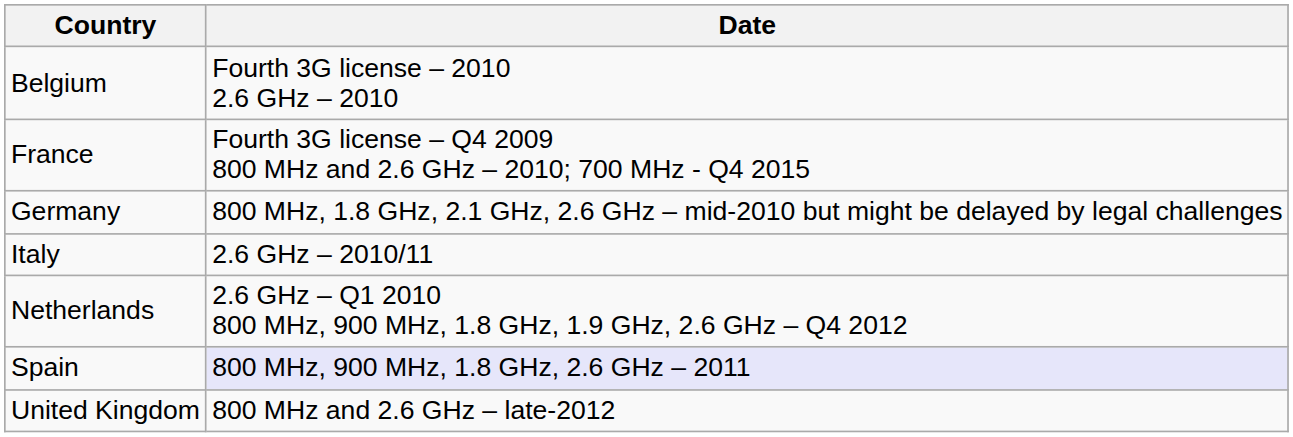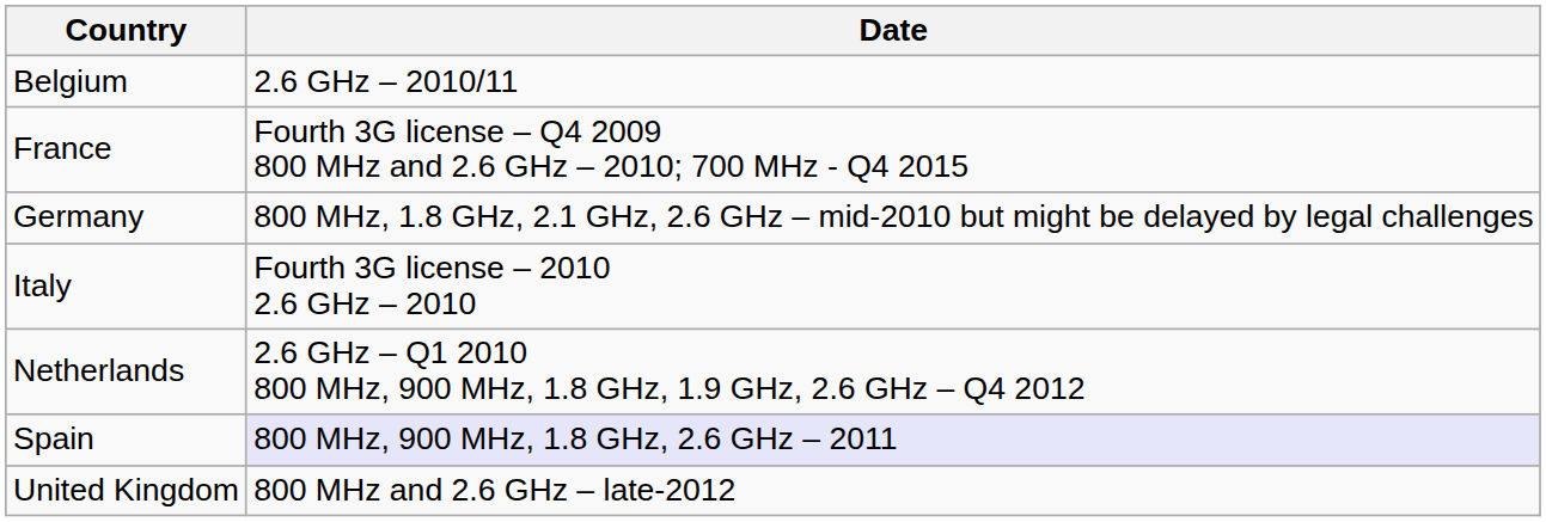 <table class="wikitable">
 <tr>
 <th>Country</th>
 <th>Date</th>
 </tr>
 <tr>
 <td>Belgium</td>
-<td>Fourth 3G license – 2010<br>2.6 GHz – 2010</td>
+<td>2.6 GHz – 2010/11</td>
 </tr>
 <tr>
 <td>France</td>
 <td>Fourth 3G license – Q4 2009<br>800 MHz and 2.6 GHz – 2010;  700 MHz - Q4 2015</td>
 </tr>
 <tr>
 <td>Germany</td>
 <td>800 MHz, 1.8 GHz, 2.1 GHz, 2.6 GHz – mid-2010 but might be delayed by legal challenges</td>
 </tr>
 <tr>
 <td>Italy</td>
-<td>2.6 GHz – 2010/11</td>
+<td>Fourth 3G license – 2010<br>2.6 GHz – 2010</td>
 </tr>
 <tr>
 <td>Netherlands</td>
 <td>2.6 GHz – Q1 2010<br>800 MHz, 900 MHz, 1.8 GHz, 1.9 GHz, 2.6 GHz – Q4 2012</td>
 </tr>
 <tr>
 <td>Spain</td>
 <td style="background: lavender;">800 MHz, 900 MHz, 1.8 GHz, 2.6 GHz – 2011</td>
 </tr>
 <tr>
 <td>United Kingdom</td>
 <td>800 MHz and 2.6 GHz – late-2012</td>
 </tr>
 </table>
